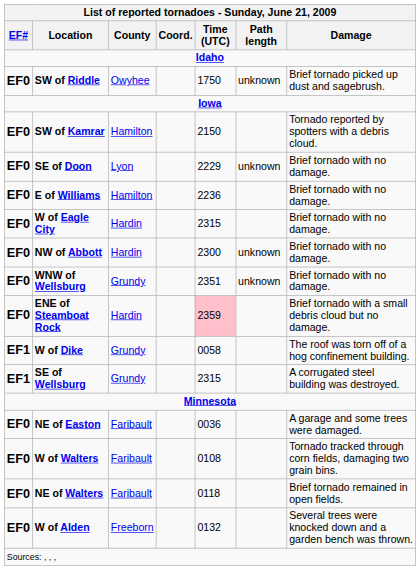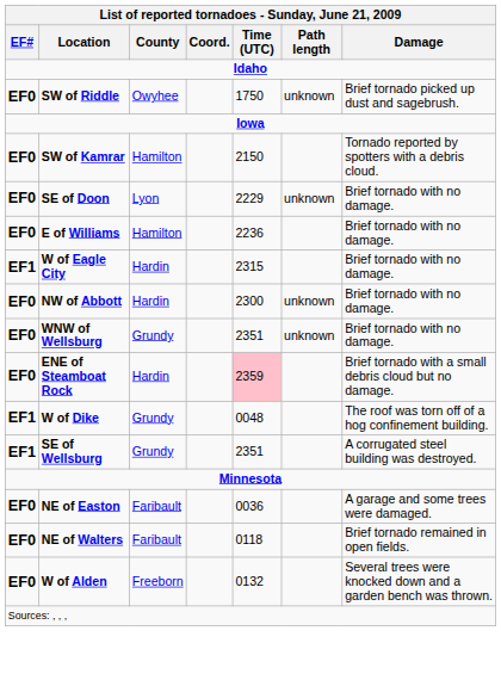 <table class="wikitable collapsible" width="100%">
 <tr>
 <th colspan="7">List of reported tornadoes - Sunday, June 21, 2009</th>
 </tr>
 <tr>
 <th><a href='#'>EF#</a></th>
 <th>Location</th>
 <th>County</th>
 <th>Coord.</th>
 <th>Time (UTC)</th>
 <th>Path length</th>
 <th>Damage</th>
 </tr>
 <tr>
 <td colspan="7" align=center><strong><a href='#'>Idaho</a></strong></td>
 </tr>
 <tr>
 <td><big><strong>EF0</strong></big></td>
 <td><strong>SW of <a href='#'>Riddle</a></strong></td>
 <td><a href='#'>Owyhee</a></td>
 <td></td>
 <td>1750</td>
 <td>unknown</td>
 <td>Brief tornado picked up dust and sagebrush.</td>
 </tr>
 <tr>
 <td colspan="7" align=center><strong><a href='#'>Iowa</a></strong></td>
 </tr>
 <tr>
 <td><big><strong>EF0</strong></big></td>
 <td><strong>SW of <a href='#'>Kamrar</a></strong></td>
 <td><a href='#'>Hamilton</a></td>
 <td></td>
 <td>2150</td>
 <td></td>
 <td>Tornado reported by spotters with a debris cloud.</td>
 </tr>
 <tr>
 <td><big><strong>EF0</strong></big></td>
 <td><strong>SE of <a href='#'>Doon</a></strong></td>
 <td><a href='#'>Lyon</a></td>
 <td></td>
 <td>2229</td>
 <td>unknown</td>
 <td>Brief tornado with no damage.</td>
 </tr>
 <tr>
 <td><big><strong>EF0</strong></big></td>
 <td><strong>E of <a href='#'>Williams</a></strong></td>
 <td><a href='#'>Hamilton</a></td>
 <td></td>
 <td>2236</td>
 <td></td>
 <td>Brief tornado with no damage.</td>
 </tr>
 <tr>
-<td><big><strong>EF0</strong></big></td>
+<td><big><strong>EF1</strong></big></td>
 <td><strong>W of <a href='#'>Eagle City</a></strong></td>
 <td><a href='#'>Hardin</a></td>
 <td></td>
 <td>2315</td>
 <td></td>
 <td>Brief tornado with no damage.</td>
 </tr>
 <tr>
 <td><big><strong>EF0</strong></big></td>
 <td><strong>NW of <a href='#'>Abbott</a></strong></td>
 <td><a href='#'>Hardin</a></td>
 <td></td>
 <td>2300</td>
 <td>unknown</td>
 <td>Brief tornado with no damage.</td>
 </tr>
 <tr>
 <td><big><strong>EF0</strong></big></td>
 <td><strong>WNW of <a href='#'>Wellsburg</a></strong></td>
 <td><a href='#'>Grundy</a></td>
 <td></td>
 <td>2351</td>
 <td>unknown</td>
 <td>Brief tornado with no damage.</td>
 </tr>
 <tr>
 <td><big><strong>EF0</strong></big></td>
 <td><strong>ENE of <a href='#'>Steamboat Rock</a></strong></td>
 <td><a href='#'>Hardin</a></td>
 <td></td>
 <td style="background: pink;">2359</td>
 <td></td>
 <td>Brief tornado with a small debris cloud but no damage.</td>
 </tr>
 <tr>
 <td><big><strong>EF1</strong></big></td>
 <td><strong>W of <a href='#'>Dike</a></strong></td>
 <td><a href='#'>Grundy</a></td>
 <td></td>
-<td>0058</td>
+<td>0048</td>
 <td></td>
 <td>The roof was torn off of a hog confinement building.</td>
 </tr>
 <tr>
 <td><big><strong>EF1</strong></big></td>
 <td><strong>SE of <a href='#'>Wellsburg</a></strong></td>
 <td><a href='#'>Grundy</a></td>
 <td></td>
-<td>2315</td>
+<td>2351</td>
 <td></td>
 <td>A corrugated steel building was destroyed.</td>
 </tr>
 <tr>
 <td colspan="7" align=center><strong><a href='#'>Minnesota</a></strong></td>
 </tr>
 <tr>
 <td><big><strong>EF0</strong></big></td>
 <td><strong>NE of <a href='#'>Easton</a></strong></td>
 <td><a href='#'>Faribault</a></td>
 <td></td>
 <td>0036</td>
 <td></td>
 <td>A garage and some trees were damaged.</td>
-</tr>
-<tr>
-<td><big><strong>EF0</strong></big></td>
-<td><strong>W of <a href='#'>Walters</a></strong></td>
-<td><a href='#'>Faribault</a></td>
-<td></td>
-<td>0108</td>
-<td></td>
-<td>Tornado tracked through corn fields, damaging two grain bins.</td>
 </tr>
 <tr>
 <td><big><strong>EF0</strong></big></td>
 <td><strong>NE of <a href='#'>Walters</a></strong></td>
 <td><a href='#'>Faribault</a></td>
 <td></td>
 <td>0118</td>
 <td></td>
 <td>Brief tornado remained in open fields.</td>
 </tr>
 <tr>
 <td><big><strong>EF0</strong></big></td>
 <td><strong>W of <a href='#'>Alden</a></strong></td>
 <td><a href='#'>Freeborn</a></td>
 <td></td>
 <td>0132</td>
 <td></td>
 <td>Several trees were knocked down and a garden bench was thrown.</td>
 </tr>
 <tr>
 <td colspan="7"><small>Sources: , , , </small></td>
 </tr>
 </table>
